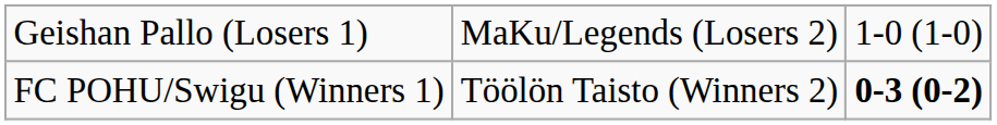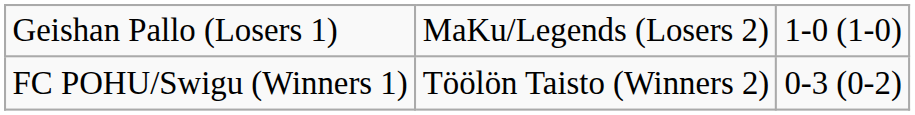 <table class="wikitable">
 <tr>
 <td>Geishan Pallo (Losers 1)</td>
 <td>MaKu/Legends (Losers 2)</td>
 <td>1-0 (1-0)</td>
 </tr>
 <tr>
 <td>FC POHU/Swigu (Winners 1)</td>
 <td>Töölön Taisto (Winners 2)</td>
-<td><strong>0-3 (0-2)</strong></td>
+<td>0-3 (0-2)</td>
 </tr>
 </table>
